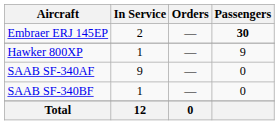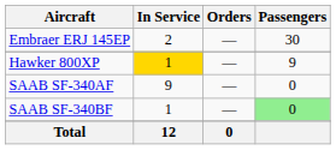 <table class="wikitable" style="margin:0.2em auto">
 <tr>
 <th>Aircraft</th>
 <th>In Service</th>
 <th>Orders</th>
 <th>Passengers</th>
 </tr>
 <tr>
 <td><a href='#'>Embraer ERJ 145EP</a></td>
 <td style="text-align:center">2</td>
 <td style="text-align:center">—</td>
-<td style="text-align:center"><strong>30</strong></td>
+<td style="text-align:center">30</td>
 </tr>
 <tr>
 </tr>
 <tr>
 <td><a href='#'>Hawker 800XP</a></td>
-<td style="text-align:center">1</td>
+<td style="background: gold; text-align:center">1</td>
 <td style="text-align:center">—</td>
 <td style="text-align:center">9</td>
 </tr>
 <tr>
 <td><a href='#'>SAAB SF-340AF</a></td>
 <td style="text-align:center">9</td>
 <td style="text-align:center">—</td>
 <td style="text-align:center">0</td>
 </tr>
 <tr>
 <td><a href='#'>SAAB SF-340BF</a></td>
 <td style="text-align:center">1</td>
 <td style="text-align:center">—</td>
-<td style="text-align:center">0</td>
+<td style="background: lightgreen; text-align:center">0</td>
 </tr>
 <tr>
 </tr>
 <tr>
 <th>Total</th>
 <th>12</th>
 <th>0</th>
 <th></th>
 </tr>
 </table>
